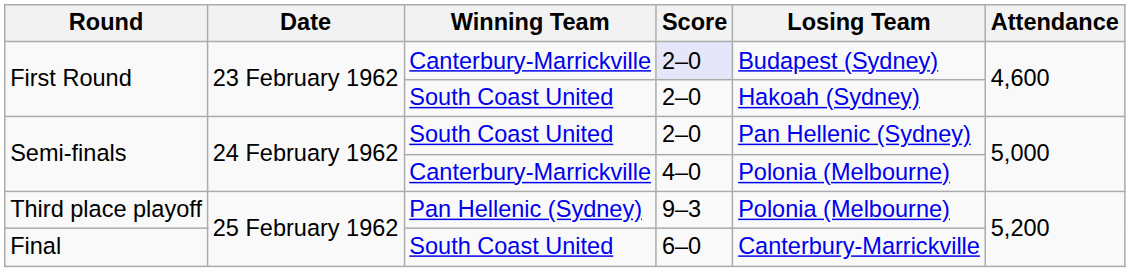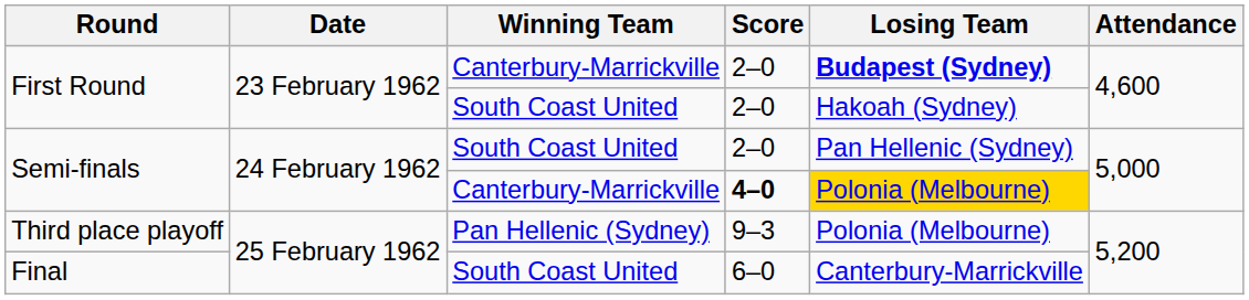 <table class="wikitable">
 <tr>
 <th>Round</th>
 <th>Date</th>
 <th>Winning Team</th>
 <th>Score</th>
 <th>Losing Team</th>
 <th>Attendance</th>
 </tr>
 <tr>
 <td rowspan=2>First Round</td>
 <td rowspan=2>23 February 1962</td>
 <td><a href='#'>Canterbury-Marrickville</a></td>
-<td style="background: lavender;">2–0</td>
-<td><a href='#'>Budapest (Sydney)</a></td>
+<td>2–0</td>
+<td><strong><a href='#'>Budapest (Sydney)</a></strong></td>
 <td rowspan=2>4,600</td>
 </tr>
 <tr>
 <td><a href='#'>South Coast United</a></td>
 <td>2–0</td>
 <td><a href='#'>Hakoah (Sydney)</a></td>
 </tr>
 <tr>
 <td rowspan=2>Semi-finals</td>
 <td rowspan=2>24 February 1962</td>
 <td><a href='#'>South Coast United</a></td>
 <td>2–0</td>
 <td><a href='#'>Pan Hellenic (Sydney)</a></td>
 <td rowspan=2>5,000</td>
 </tr>
 <tr>
 <td><a href='#'>Canterbury-Marrickville</a></td>
-<td>4–0</td>
-<td><a href='#'>Polonia (Melbourne)</a></td>
+<td><strong>4–0</strong></td>
+<td style="background: gold;"><a href='#'>Polonia (Melbourne)</a></td>
 </tr>
 <tr>
 <td>Third place playoff</td>
 <td rowspan=2>25 February 1962</td>
 <td><a href='#'>Pan Hellenic (Sydney)</a></td>
 <td>9–3</td>
 <td><a href='#'>Polonia (Melbourne)</a></td>
 <td rowspan=2>5,200</td>
 </tr>
 <tr>
 <td>Final</td>
 <td><a href='#'>South Coast United</a></td>
 <td>6–0</td>
 <td><a href='#'>Canterbury-Marrickville</a></td>
 </tr>
 </table>
